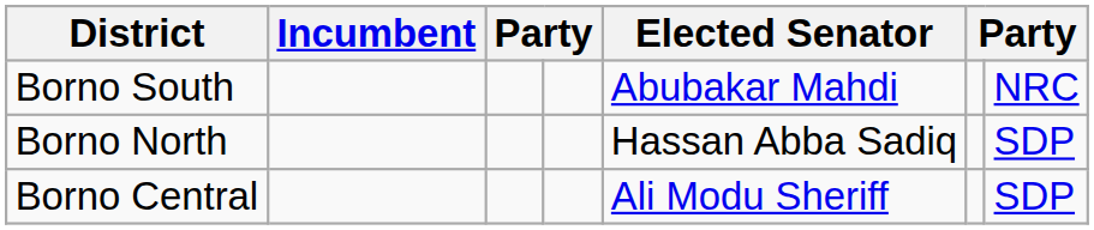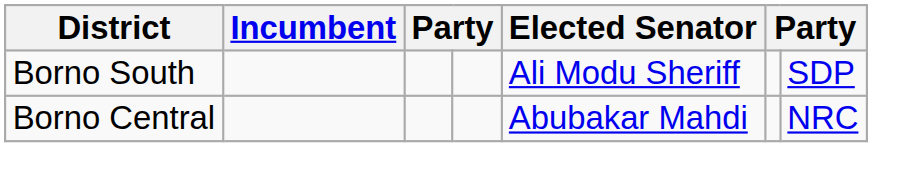 <table class="sortable wikitable" style="font-size:95%;line-height:14px;">
 <tr>
 <th class="unsortable">District</th>
 <th class="unsortable"><a href='#'>Incumbent</a></th>
 <th colspan="2">Party</th>
 <th class="unsortable">Elected Senator</th>
 <th colspan="2">Party</th>
 </tr>
 <tr>
 <td>Borno South</td>
 <td></td>
 <td></td>
 <td></td>
-<td><a href='#'>Abubakar Mahdi</a></td>
-<td style="background:"></td>
-<td><a href='#'>NRC</a></td>
-</tr>
-<tr>
-<td>Borno North</td>
-<td></td>
-<td></td>
-<td></td>
-<td>Hassan Abba Sadiq</td>
+<td><a href='#'>Ali Modu Sheriff</a></td>
 <td style="background:"></td>
 <td><a href='#'>SDP</a></td>
 </tr>
 <tr>
 <td>Borno Central</td>
 <td></td>
 <td></td>
 <td></td>
-<td><a href='#'>Ali Modu Sheriff</a></td>
+<td><a href='#'>Abubakar Mahdi</a></td>
 <td style="background:"></td>
-<td><a href='#'>SDP</a></td>
+<td><a href='#'>NRC</a></td>
 </tr>
 </table>
